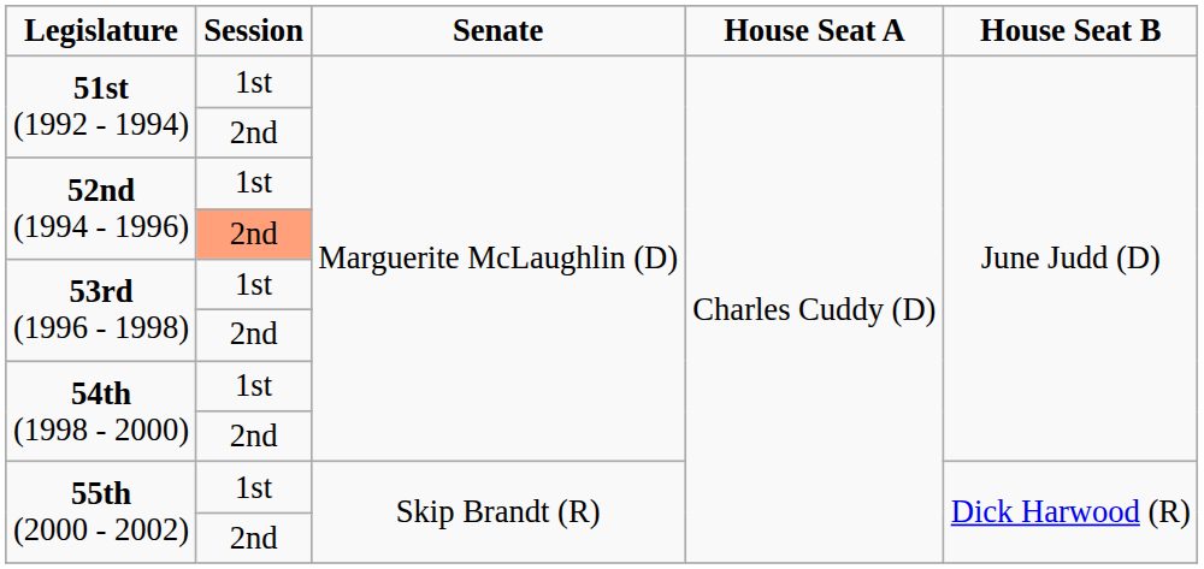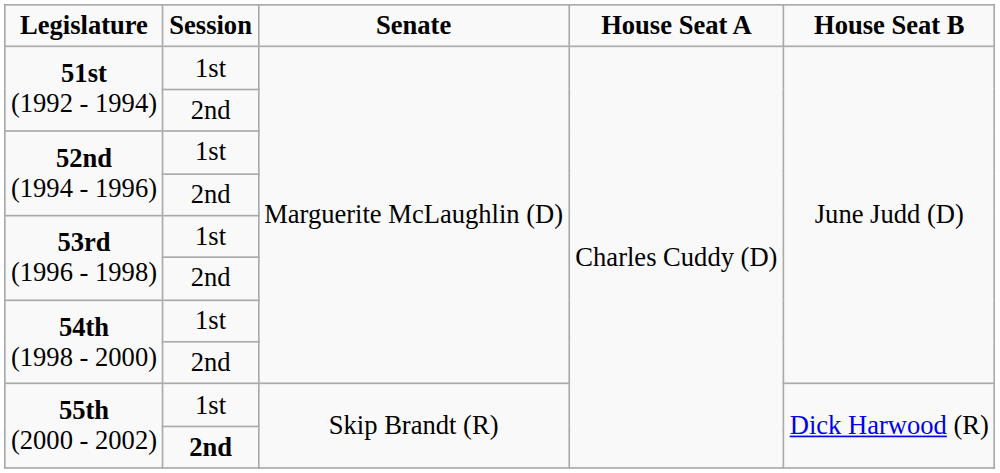 <table class=wikitable style="text-align:center">
 <tr>
 <td><strong>Legislature</strong></td>
 <td><strong>Session</strong></td>
 <td><strong>Senate</strong></td>
 <td><strong>House Seat A</strong></td>
 <td><strong>House Seat B</strong></td>
 </tr>
 <tr>
 <td rowspan="2" colspan="1" style="text-align: center;"><strong>51st</strong> <br> (1992 - 1994)</td>
 <td>1st</td>
 <td rowspan="8" colspan="1" style="text-align: center;" >Marguerite McLaughlin (D)</td>
 <td rowspan="10" colspan="1" style="text-align: center;" >Charles Cuddy (D)</td>
 <td rowspan="8" colspan="1" style="text-align: center;" >June Judd (D)</td>
 </tr>
 <tr>
 <td>2nd</td>
 </tr>
 <tr>
 <td rowspan="2" colspan="1" style="text-align: center;"><strong>52nd</strong> <br> (1994 - 1996)</td>
 <td>1st</td>
 </tr>
 <tr>
-<td style="background: lightsalmon;">2nd</td>
+<td>2nd</td>
 </tr>
 <tr>
 <td rowspan="2" colspan="1" style="text-align: center;"><strong>53rd</strong> <br> (1996 - 1998)</td>
 <td>1st</td>
 </tr>
 <tr>
 <td>2nd</td>
 </tr>
 <tr>
 <td rowspan="2" colspan="1" style="text-align: center;"><strong>54th</strong> <br> (1998 - 2000)</td>
 <td>1st</td>
 </tr>
 <tr>
 <td>2nd</td>
 </tr>
 <tr>
 <td rowspan="2" colspan="1" style="text-align: center;"><strong>55th</strong> <br> (2000 - 2002)</td>
 <td>1st</td>
 <td rowspan="2" colspan="1" style="text-align: center;" >Skip Brandt (R)</td>
 <td rowspan="2" colspan="1" style="text-align: center;" ><a href='#'>Dick Harwood</a> (R)</td>
 </tr>
 <tr>
-<td>2nd</td>
+<td><strong>2nd</strong></td>
 </tr>
 </table>
